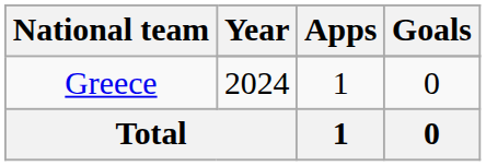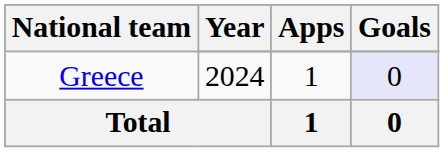 <table class="wikitable" style="text-align: center;">
 <tr>
 <th>National team</th>
 <th>Year</th>
 <th>Apps</th>
 <th>Goals</th>
 </tr>
 <tr>
 <td rowspan="2" valign="center"><a href='#'>Greece</a></td>
 </tr>
 <tr>
 <td>2024</td>
 <td>1</td>
-<td>0</td>
+<td style="background: lavender;">0</td>
 </tr>
 <tr>
 <th colspan="2">Total</th>
 <th>1</th>
 <th>0</th>
 </tr>
 </table>
